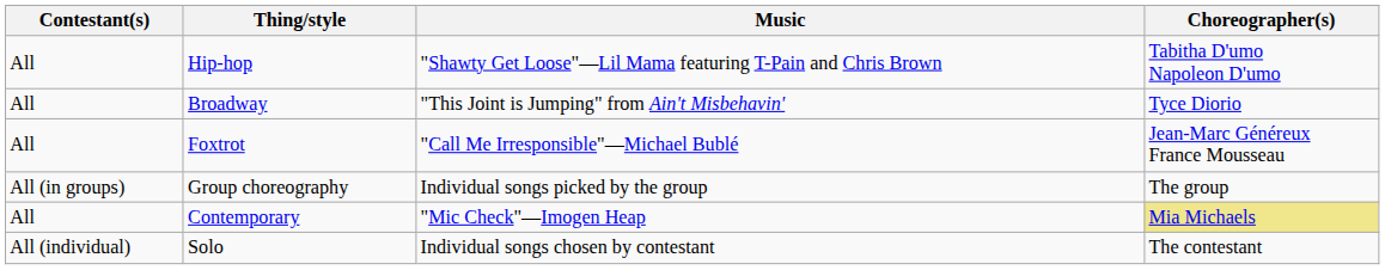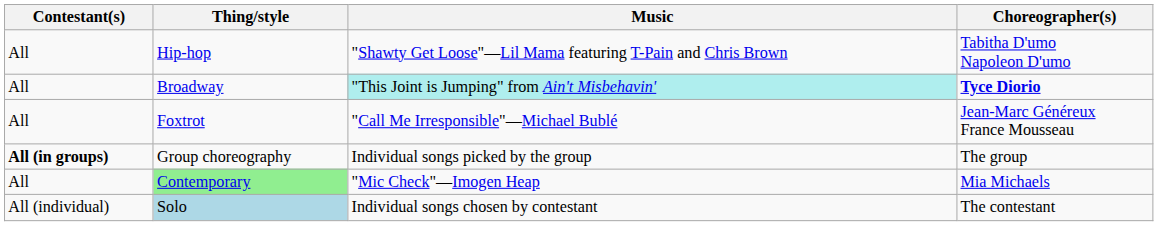 <table class="wikitable" style="width:90%;">
 <tr>
 <th>Contestant(s)</th>
 <th>Thing/style</th>
 <th>Music</th>
 <th>Choreographer(s)</th>
 </tr>
 <tr>
 <td>All</td>
 <td><a href='#'>Hip-hop</a></td>
 <td>"<a href='#'>Shawty Get Loose</a>"—<a href='#'>Lil Mama</a> featuring <a href='#'>T-Pain</a> and <a href='#'>Chris Brown</a></td>
 <td><a href='#'>Tabitha D'umo</a><br><a href='#'>Napoleon D'umo</a></td>
 </tr>
 <tr>
 <td>All</td>
 <td><a href='#'>Broadway</a></td>
-<td>"This Joint is Jumping" from <em><a href='#'>Ain't Misbehavin'</a></em></td>
-<td><a href='#'>Tyce Diorio</a></td>
+<td style="background: paleturquoise;">"This Joint is Jumping" from <em><a href='#'>Ain't Misbehavin'</a></em></td>
+<td><strong><a href='#'>Tyce Diorio</a></strong></td>
 </tr>
 <tr>
 <td>All</td>
 <td><a href='#'>Foxtrot</a></td>
 <td>"<a href='#'>Call Me Irresponsible</a>"—<a href='#'>Michael Bublé</a></td>
 <td><a href='#'>Jean-Marc Généreux</a><br>France Mousseau</td>
 </tr>
 <tr>
-<td>All (in groups)</td>
+<td><strong>All (in groups)</strong></td>
 <td>Group choreography</td>
 <td>Individual songs picked by the group</td>
 <td>The group</td>
 </tr>
 <tr>
 <td>All</td>
-<td><a href='#'>Contemporary</a></td>
+<td style="background: lightgreen;"><a href='#'>Contemporary</a></td>
 <td>"<a href='#'>Mic Check</a>"—<a href='#'>Imogen Heap</a></td>
-<td style="background: khaki;"><a href='#'>Mia Michaels</a></td>
+<td><a href='#'>Mia Michaels</a></td>
 </tr>
 <tr>
 <td>All (individual)</td>
-<td>Solo</td>
+<td style="background: lightblue;">Solo</td>
 <td>Individual songs chosen by contestant</td>
 <td>The contestant</td>
 </tr>
 </table>
